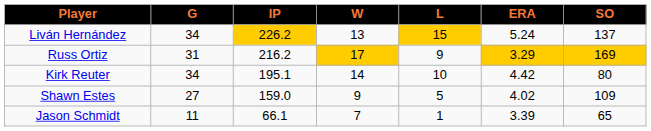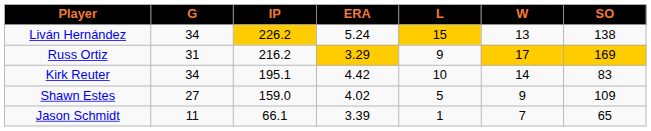 <table class="wikitable sortable">
 <tr>
 <th style="background:black;color:#f47937;" width="16%">Player</th>
 <th style="background:black;color:#f47937;" width="9%">G</th>
 <th style="background:black;color:#f47937;" width="9%">IP</th>
+<th style="background:black;color:#f47937;" width="9%">ERA</th>
+<th style="background:black;color:#f47937;" width="9%">L</th>
 <th style="background:black;color:#f47937;" width="9%">W</th>
-<th style="background:black;color:#f47937;" width="9%">L</th>
-<th style="background:black;color:#f47937;" width="9%">ERA</th>
 <th style="background:black;color:#f47937;" width="9%">SO</th>
 </tr>
 <tr align=center>
 <td><a href='#'>Liván Hernández</a></td>
 <td>34</td>
 <td bgcolor="#FFCC00">226.2</td>
+<td>5.24</td>
+<td bgcolor="#FFCC00">15</td>
 <td>13</td>
-<td bgcolor="#FFCC00">15</td>
-<td>5.24</td>
-<td>137</td>
+<td>138</td>
 </tr>
 <tr align=center>
 <td><a href='#'>Russ Ortiz</a></td>
 <td>31</td>
 <td>216.2</td>
+<td bgcolor="#FFCC00">3.29</td>
+<td>9</td>
 <td bgcolor="#FFCC00">17</td>
-<td>9</td>
-<td bgcolor="#FFCC00">3.29</td>
 <td bgcolor="#FFCC00">169</td>
 </tr>
 <tr align=center>
 <td><a href='#'>Kirk Reuter</a></td>
 <td>34</td>
 <td>195.1</td>
+<td>4.42</td>
+<td>10</td>
 <td>14</td>
-<td>10</td>
-<td>4.42</td>
-<td>80</td>
+<td>83</td>
 </tr>
 <tr align=center>
 <td><a href='#'>Shawn Estes</a></td>
 <td>27</td>
 <td>159.0</td>
+<td>4.02</td>
+<td>5</td>
 <td>9</td>
-<td>5</td>
-<td>4.02</td>
 <td>109</td>
 </tr>
 <tr align=center>
 <td><a href='#'>Jason Schmidt</a></td>
 <td>11</td>
 <td>66.1</td>
+<td>3.39</td>
+<td>1</td>
 <td>7</td>
-<td>1</td>
-<td>3.39</td>
 <td>65</td>
 </tr>
 </table>
